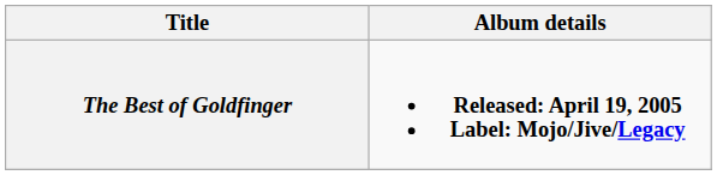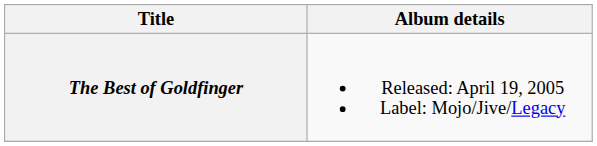 <table class="wikitable plainrowheaders" style="text-align:center;">
 <tr>
 <th scope="col" style="width:16em;">Title</th>
 <th scope="col" style="width:15em;">Album details</th>
 </tr>
 <tr>
 <th scope="row"><em>The Best of Goldfinger</em></th>
-<td><strong><br><ul><li>Released: April 19, 2005</li><li>Label: Mojo/Jive/<a href='#'>Legacy</a></li></ul></strong></td>
+<td><br><ul><li>Released: April 19, 2005</li><li>Label: Mojo/Jive/<a href='#'>Legacy</a></li></ul></td>
 </tr>
 <tr>
 </tr>
 </table>
